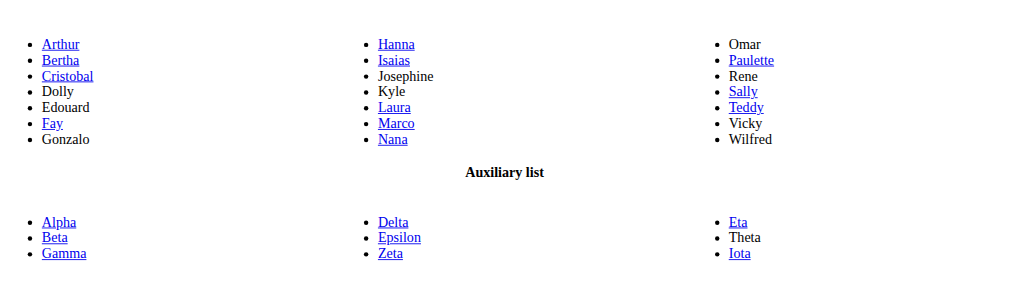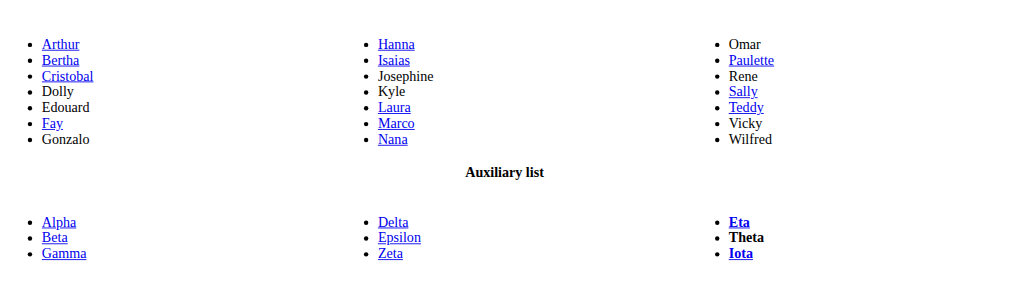 <table class:"wikitable" bgcolor=" white" style="width:90%">
 <tr>
 <td><br><ul><li><a href='#'>Arthur</a></li><li><a href='#'>Bertha</a></li><li><a href='#'>Cristobal</a></li><li>Dolly</li><li>Edouard</li><li><a href='#'>Fay</a></li><li>Gonzalo</li></ul></td>
 <td><br><ul><li><a href='#'>Hanna</a></li><li><a href='#'>Isaias</a></li><li>Josephine</li><li>Kyle</li><li><a href='#'>Laura</a></li><li><a href='#'>Marco</a></li><li><a href='#'>Nana</a></li></ul></td>
 <td><br><ul><li>Omar</li><li><a href='#'>Paulette</a></li><li>Rene</li><li><a href='#'>Sally</a></li><li><a href='#'>Teddy</a></li><li>Vicky</li><li>Wilfred</li></ul></td>
 </tr>
 <tr>
 <td colspan="3" style="text-align:center"><strong>Auxiliary list</strong></td>
 </tr>
 <tr>
 <td><br><ul><li><a href='#'>Alpha</a></li><li><a href='#'>Beta</a></li><li><a href='#'>Gamma</a></li></ul></td>
 <td><br><ul><li><a href='#'>Delta</a></li><li><a href='#'>Epsilon</a></li><li><a href='#'>Zeta</a></li></ul></td>
-<td><br><ul><li><a href='#'>Eta</a></li><li>Theta</li><li><a href='#'>Iota</a></li></ul></td>
+<td><strong><br><ul><li><a href='#'>Eta</a></li><li>Theta</li><li><a href='#'>Iota</a></li></ul></strong></td>
 </tr>
 </table>
